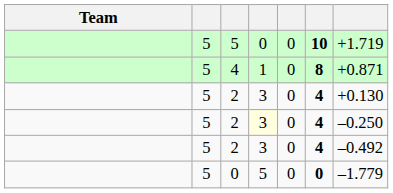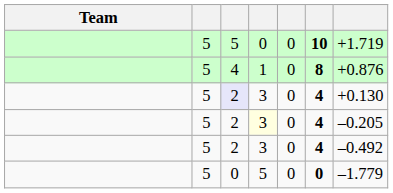 <table class="wikitable" style="text-align:center;">
 <tr>
 <th width=175>Team</th>
 <th style="width:20px;"></th>
 <th style="width:20px;"></th>
 <th style="width:20px;"></th>
 <th style="width:20px;"></th>
 <th style="width:20px;"></th>
 <th style="width:20px;"></th>
 </tr>
 <tr style="background:#cfc">
 <td align=left></td>
 <td>5</td>
 <td>5</td>
 <td>0</td>
 <td>0</td>
 <td><strong>10</strong></td>
 <td>+1.719</td>
 </tr>
 <tr style="background:#cfc">
 <td align=left></td>
 <td>5</td>
 <td>4</td>
 <td>1</td>
 <td>0</td>
 <td><strong>8</strong></td>
-<td>+0.871</td>
+<td>+0.876</td>
 </tr>
 <tr>
 <td align=left></td>
 <td>5</td>
-<td>2</td>
+<td style="background: lavender;">2</td>
 <td>3</td>
 <td>0</td>
 <td><strong>4</strong></td>
 <td>+0.130</td>
 </tr>
 <tr>
 <td align=left></td>
 <td>5</td>
 <td>2</td>
 <td style="background: lightyellow;">3</td>
 <td>0</td>
 <td><strong>4</strong></td>
-<td>–0.250</td>
+<td>–0.205</td>
 </tr>
 <tr>
 <td align=left></td>
 <td>5</td>
 <td>2</td>
 <td>3</td>
 <td>0</td>
 <td><strong>4</strong></td>
 <td>–0.492</td>
 </tr>
 <tr>
 <td align=left></td>
 <td>5</td>
 <td>0</td>
 <td>5</td>
 <td>0</td>
 <td><strong>0</strong></td>
 <td>–1.779</td>
 </tr>
 </table>
